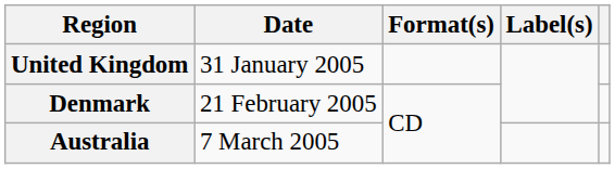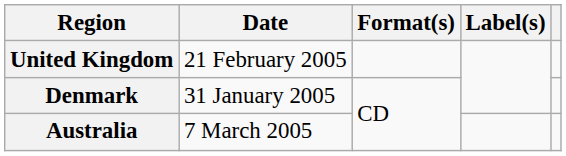 <table class="wikitable plainrowheaders">
 <tr>
 <th scope="col">Region</th>
 <th scope="col">Date</th>
 <th scope="col">Format(s)</th>
 <th scope="col">Label(s)</th>
 <th scope="col"></th>
 </tr>
 <tr>
 <th scope="row">United Kingdom</th>
-<td>31 January 2005</td>
+<td>21 February 2005</td>
 <td></td>
 <td rowspan="2"></td>
 <td></td>
 </tr>
 <tr>
 <th scope="row">Denmark</th>
-<td>21 February 2005</td>
+<td>31 January 2005</td>
 <td rowspan="2">CD</td>
 <td></td>
 </tr>
 <tr>
 <th scope="row">Australia</th>
 <td>7 March 2005</td>
 <td></td>
 <td></td>
 </tr>
 </table>
